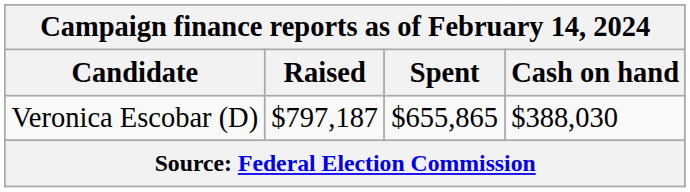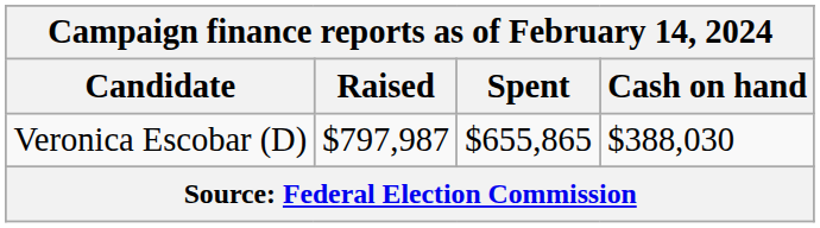 <table class="wikitable sortable">
 <tr>
 <th colspan=4>Campaign finance reports as of February 14, 2024</th>
 </tr>
 <tr style="text-align:center;">
 <th>Candidate</th>
 <th>Raised</th>
 <th>Spent</th>
 <th>Cash on hand</th>
 </tr>
 <tr>
 <td style="color:black;background-color:">Veronica Escobar (D)</td>
-<td>$797,187</td>
+<td>$797,987</td>
 <td>$655,865</td>
 <td>$388,030</td>
 </tr>
 <tr>
 <th colspan="4"><small>Source: <a href='#'>Federal Election Commission</a></small></th>
 </tr>
 </table>
